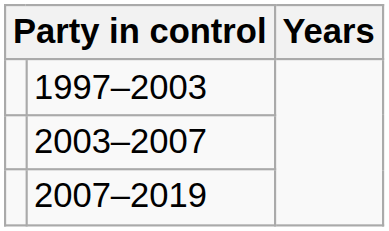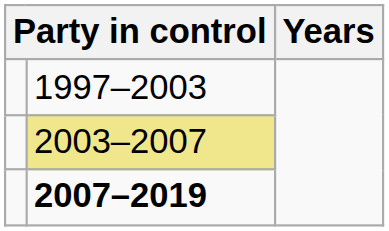 <table class="wikitable">
 <tr>
 <th colspan="2">Party in control</th>
 <th>Years</th>
 </tr>
 <tr>
 <td></td>
 <td>1997–2003</td>
 </tr>
 <tr>
 <td></td>
-<td>2003–2007</td>
+<td style="background: khaki;">2003–2007</td>
 </tr>
 <tr>
 <td></td>
-<td>2007–2019</td>
+<td><strong>2007–2019</strong></td>
 </tr>
 </table>
